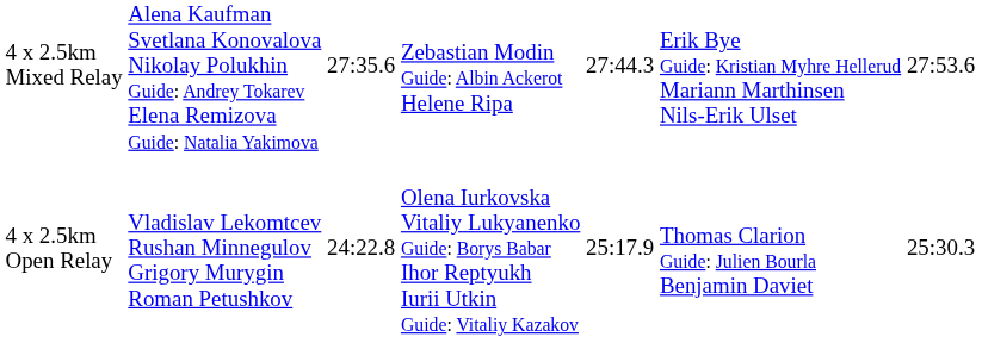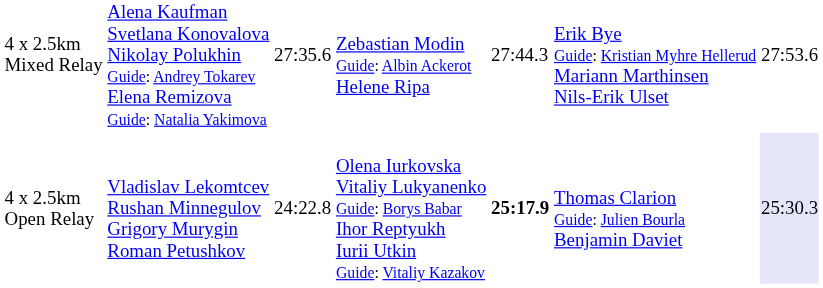 <table>
 <tr>
 <td>4 x 2.5km<br>Mixed Relay<br></td>
 <td><em></em><br><a href='#'>Alena Kaufman</a><br><a href='#'>Svetlana Konovalova</a><br><a href='#'>Nikolay Polukhin</a><br><small><a href='#'>Guide</a>: <a href='#'>Andrey Tokarev</a></small><br><a href='#'>Elena Remizova</a><br><small><a href='#'>Guide</a>: <a href='#'>Natalia Yakimova</a></small></td>
 <td>27:35.6</td>
 <td><em></em><br><a href='#'>Zebastian Modin</a><br><small><a href='#'>Guide</a>: <a href='#'>Albin Ackerot</a></small><br><a href='#'>Helene Ripa</a></td>
 <td>27:44.3</td>
 <td><em></em><br><a href='#'>Erik Bye</a><br><small><a href='#'>Guide</a>: <a href='#'>Kristian Myhre Hellerud</a></small><br><a href='#'>Mariann Marthinsen</a><br><a href='#'>Nils-Erik Ulset</a></td>
 <td>27:53.6</td>
 </tr>
 <tr>
 <td>4 x 2.5km<br>Open Relay<br></td>
 <td><em></em><br><a href='#'>Vladislav Lekomtcev</a><br><a href='#'>Rushan Minnegulov</a><br><a href='#'>Grigory Murygin</a><br><a href='#'>Roman Petushkov</a></td>
 <td>24:22.8</td>
 <td><em></em><br><a href='#'>Olena Iurkovska</a><br><a href='#'>Vitaliy Lukyanenko</a><br><small><a href='#'>Guide</a>: <a href='#'>Borys Babar</a></small><br><a href='#'>Ihor Reptyukh</a><br><a href='#'>Iurii Utkin</a><br><small><a href='#'>Guide</a>: <a href='#'>Vitaliy Kazakov</a></small></td>
-<td>25:17.9</td>
+<td><strong>25:17.9</strong></td>
 <td><em></em><br><a href='#'>Thomas Clarion</a><br><small><a href='#'>Guide</a>: <a href='#'>Julien Bourla</a></small><br><a href='#'>Benjamin Daviet</a></td>
-<td>25:30.3</td>
+<td style="background: lavender;">25:30.3</td>
 </tr>
 </table>
